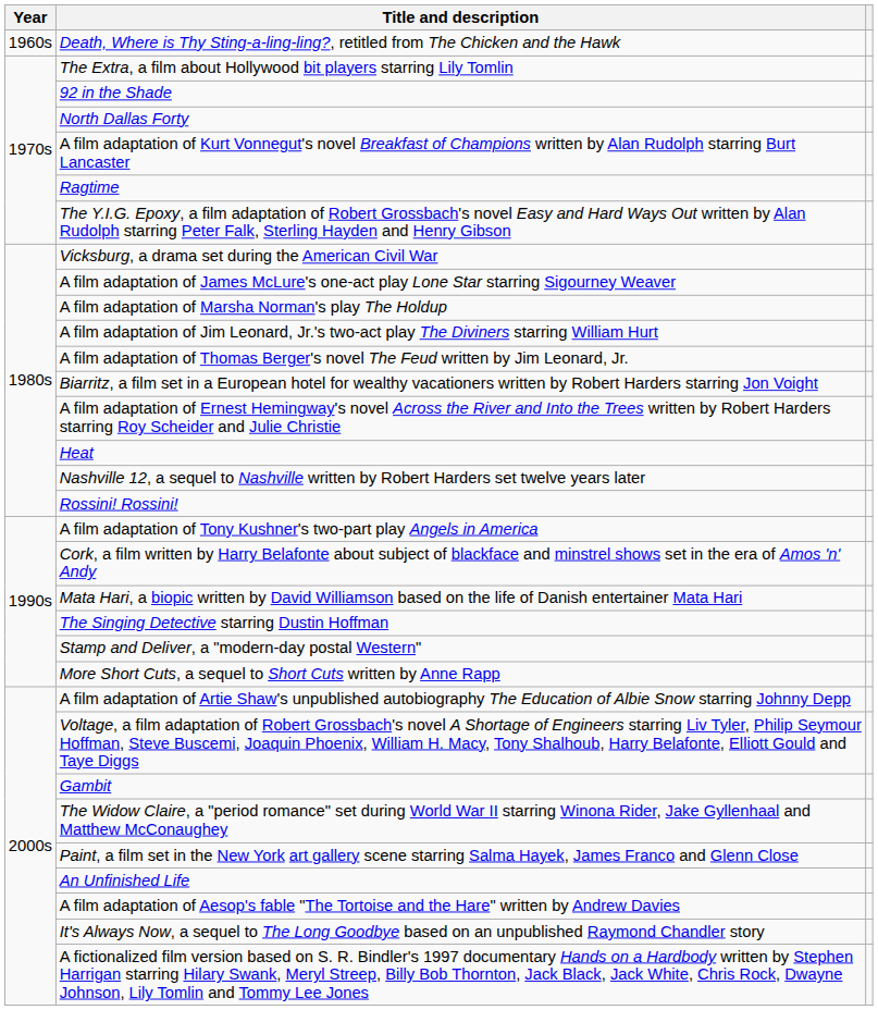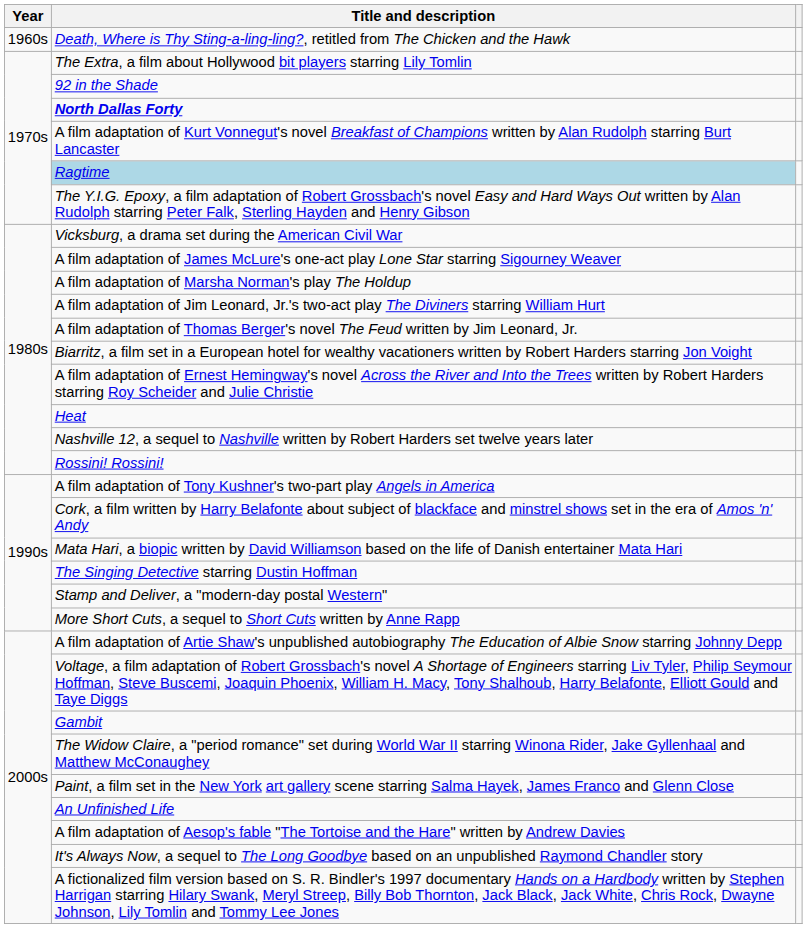 <table class="wikitable plainrowheaders">
 <tr>
 <th scope="col">Year</th>
 <th scope="col">Title and description</th>
 <th scope="col"></th>
 </tr>
 <tr>
 <td rowspan="1">1960s</td>
 <td><em><a href='#'>Death, Where is Thy Sting-a-ling-ling?</a></em>, retitled from <em>The Chicken and the Hawk</em></td>
 <td></td>
 </tr>
 <tr>
 <td rowspan="6">1970s</td>
 <td><em>The Extra</em>, a film about Hollywood <a href='#'>bit players</a> starring <a href='#'>Lily Tomlin</a></td>
 <td></td>
 </tr>
 <tr>
 <td><em><a href='#'>92 in the Shade</a></em></td>
 <td></td>
 </tr>
 <tr>
-<td><em><a href='#'>North Dallas Forty</a></em></td>
+<td><strong><em><a href='#'>North Dallas Forty</a></em></strong></td>
 <td></td>
 </tr>
 <tr>
 <td>A film adaptation of <a href='#'>Kurt Vonnegut</a>'s novel <em><a href='#'>Breakfast of Champions</a></em> written by <a href='#'>Alan Rudolph</a> starring <a href='#'>Burt Lancaster</a></td>
 <td></td>
 </tr>
 <tr>
-<td><em><a href='#'>Ragtime</a></em></td>
+<td style="background: lightblue;"><em><a href='#'>Ragtime</a></em></td>
 <td></td>
 </tr>
 <tr>
 <td><em>The Y.I.G. Epoxy</em>, a film adaptation of <a href='#'>Robert Grossbach</a>'s novel <em>Easy and Hard Ways Out</em> written by <a href='#'>Alan Rudolph</a> starring <a href='#'>Peter Falk</a>, <a href='#'>Sterling Hayden</a> and <a href='#'>Henry Gibson</a></td>
 <td></td>
 </tr>
 <tr>
 <td rowspan="10">1980s</td>
 <td><em>Vicksburg</em>, a drama set during the <a href='#'>American Civil War</a></td>
 <td></td>
 </tr>
 <tr>
 <td>A film adaptation of <a href='#'>James McLure</a>'s one-act play <em>Lone Star</em> starring <a href='#'>Sigourney Weaver</a></td>
 <td></td>
 </tr>
 <tr>
 <td>A film adaptation of <a href='#'>Marsha Norman</a>'s play <em>The Holdup</em></td>
 <td></td>
 </tr>
 <tr>
 <td>A film adaptation of Jim Leonard, Jr.'s two-act play <em><a href='#'>The Diviners</a></em> starring <a href='#'>William Hurt</a></td>
 <td></td>
 </tr>
 <tr>
 <td>A film adaptation of <a href='#'>Thomas Berger</a>'s novel <em>The Feud</em> written by Jim Leonard, Jr.</td>
 <td></td>
 </tr>
 <tr>
 <td><em>Biarritz</em>, a film set in a European hotel for wealthy vacationers written by Robert Harders starring <a href='#'>Jon Voight</a></td>
 <td></td>
 </tr>
 <tr>
 <td>A film adaptation of <a href='#'>Ernest Hemingway</a>'s novel <em><a href='#'>Across the River and Into the Trees</a></em> written by Robert Harders starring <a href='#'>Roy Scheider</a> and <a href='#'>Julie Christie</a></td>
 <td></td>
 </tr>
 <tr>
 <td><em><a href='#'>Heat</a></em></td>
 <td></td>
 </tr>
 <tr>
 <td><em>Nashville 12</em>, a sequel to <em><a href='#'>Nashville</a></em> written by Robert Harders set twelve years later</td>
 <td></td>
 </tr>
 <tr>
 <td><em><a href='#'>Rossini! Rossini!</a></em></td>
 <td></td>
 </tr>
 <tr>
 <td rowspan="6">1990s</td>
 <td>A film adaptation of <a href='#'>Tony Kushner</a>'s two-part play <em><a href='#'>Angels in America</a></em></td>
 <td></td>
 </tr>
 <tr>
 <td><em>Cork</em>, a film written by <a href='#'>Harry Belafonte</a> about subject of <a href='#'>blackface</a> and <a href='#'>minstrel shows</a> set in the era of <em><a href='#'>Amos 'n' Andy</a></em></td>
 <td></td>
 </tr>
 <tr>
 <td><em>Mata Hari</em>, a <a href='#'>biopic</a> written by <a href='#'>David Williamson</a> based on the life of Danish entertainer <a href='#'>Mata Hari</a></td>
 <td></td>
 </tr>
 <tr>
 <td><em><a href='#'>The Singing Detective</a></em> starring <a href='#'>Dustin Hoffman</a></td>
 <td></td>
 </tr>
 <tr>
 <td><em>Stamp and Deliver</em>, a "modern-day postal <a href='#'>Western</a>"</td>
 <td></td>
 </tr>
 <tr>
 <td><em>More Short Cuts</em>, a sequel to <em><a href='#'>Short Cuts</a></em> written by <a href='#'>Anne Rapp</a></td>
 <td></td>
 </tr>
 <tr>
 <td rowspan="9">2000s</td>
 <td>A film adaptation of <a href='#'>Artie Shaw</a>'s unpublished autobiography <em>The Education of Albie Snow</em> starring <a href='#'>Johnny Depp</a></td>
 <td></td>
 </tr>
 <tr>
 <td><em>Voltage</em>, a film adaptation of <a href='#'>Robert Grossbach</a>'s novel <em>A Shortage of Engineers</em> starring <a href='#'>Liv Tyler</a>, <a href='#'>Philip Seymour Hoffman</a>, <a href='#'>Steve Buscemi</a>, <a href='#'>Joaquin Phoenix</a>, <a href='#'>William H. Macy</a>, <a href='#'>Tony Shalhoub</a>, <a href='#'>Harry Belafonte</a>, <a href='#'>Elliott Gould</a> and <a href='#'>Taye Diggs</a></td>
 <td></td>
 </tr>
 <tr>
 <td><em><a href='#'>Gambit</a></em></td>
 <td></td>
 </tr>
 <tr>
 <td><em>The Widow Claire</em>, a "period romance" set during <a href='#'>World War II</a> starring <a href='#'>Winona Rider</a>, <a href='#'>Jake Gyllenhaal</a> and <a href='#'>Matthew McConaughey</a></td>
 <td></td>
 </tr>
 <tr>
 <td><em>Paint</em>, a film set in the <a href='#'>New York</a> <a href='#'>art gallery</a> scene starring <a href='#'>Salma Hayek</a>, <a href='#'>James Franco</a> and <a href='#'>Glenn Close</a></td>
 <td></td>
 </tr>
 <tr>
 <td><em><a href='#'>An Unfinished Life</a></em></td>
 <td></td>
 </tr>
 <tr>
 <td>A film adaptation of <a href='#'>Aesop's fable</a> "<a href='#'>The Tortoise and the Hare</a>" written by <a href='#'>Andrew Davies</a></td>
 <td></td>
 </tr>
 <tr>
 <td><em>It's Always Now</em>, a sequel to <em><a href='#'>The Long Goodbye</a></em> based on an unpublished <a href='#'>Raymond Chandler</a> story</td>
 <td></td>
 </tr>
 <tr>
 <td>A fictionalized film version based on S. R. Bindler's 1997 documentary <em><a href='#'>Hands on a Hardbody</a></em> written by <a href='#'>Stephen Harrigan</a> starring <a href='#'>Hilary Swank</a>, <a href='#'>Meryl Streep</a>, <a href='#'>Billy Bob Thornton</a>, <a href='#'>Jack Black</a>, <a href='#'>Jack White</a>, <a href='#'>Chris Rock</a>, <a href='#'>Dwayne Johnson</a>, <a href='#'>Lily Tomlin</a> and <a href='#'>Tommy Lee Jones</a></td>
 <td></td>
 </tr>
 </table>
